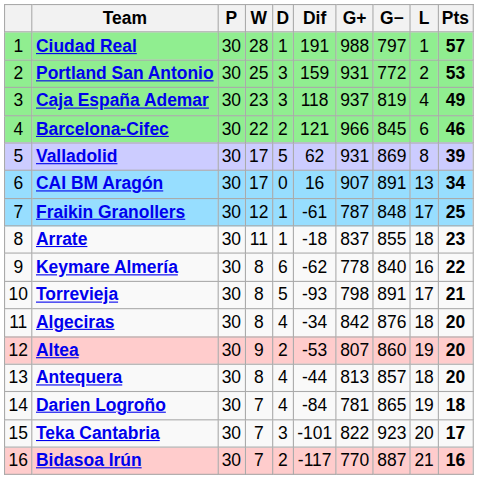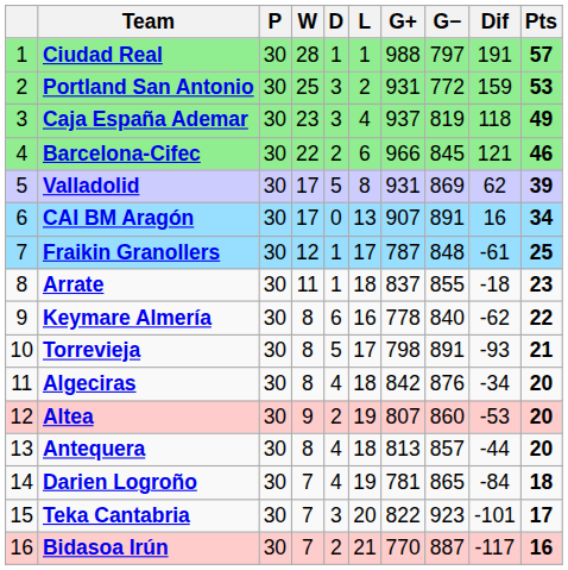 <table class="wikitable sortable" style="text-align: center;">
 <tr>
 <th align="center"></th>
 <th align="center">Team</th>
 <th align="center">P</th>
 <th align="center">W</th>
 <th align="center">D</th>
-<th align="center">Dif</th>
+<th align="center">L</th>
 <th align="center">G+</th>
 <th align="center">G−</th>
-<th align="center">L</th>
+<th align="center">Dif</th>
 <th align="center">Pts</th>
 </tr>
 <tr style="background: #90EE90;">
 <td>1</td>
 <td align="left"><strong><a href='#'>Ciudad Real</a></strong></td>
 <td>30</td>
 <td>28</td>
 <td>1</td>
-<td>191</td>
+<td>1</td>
 <td>988</td>
 <td>797</td>
-<td>1</td>
+<td>191</td>
 <td><strong>57</strong></td>
 </tr>
 <tr style="background: #90EE90;">
 <td>2</td>
 <td align="left"><strong><a href='#'>Portland San Antonio</a></strong></td>
 <td>30</td>
 <td>25</td>
 <td>3</td>
-<td>159</td>
+<td>2</td>
 <td>931</td>
 <td>772</td>
-<td>2</td>
+<td>159</td>
 <td><strong>53</strong></td>
 </tr>
 <tr style="background: #90EE90;">
 <td>3</td>
 <td align="left"><strong><a href='#'>Caja España Ademar</a></strong></td>
 <td>30</td>
 <td>23</td>
 <td>3</td>
-<td>118</td>
+<td>4</td>
 <td>937</td>
 <td>819</td>
-<td>4</td>
+<td>118</td>
 <td><strong>49</strong></td>
 </tr>
 <tr style="background: #90EE90;">
 <td>4</td>
 <td align="left"><strong><a href='#'>Barcelona-Cifec</a></strong></td>
 <td>30</td>
 <td>22</td>
 <td>2</td>
-<td>121</td>
+<td>6</td>
 <td>966</td>
 <td>845</td>
-<td>6</td>
+<td>121</td>
 <td><strong>46</strong></td>
 </tr>
 <tr style="background: #ccccff;">
 <td>5</td>
 <td align="left"><strong><a href='#'>Valladolid</a></strong></td>
 <td>30</td>
 <td>17</td>
 <td>5</td>
-<td>62</td>
+<td>8</td>
 <td>931</td>
 <td>869</td>
-<td>8</td>
+<td>62</td>
 <td><strong>39</strong></td>
 </tr>
 <tr style="background: #97DEFF;">
 <td>6</td>
 <td align="left"><strong><a href='#'>CAI BM Aragón</a></strong></td>
 <td>30</td>
 <td>17</td>
 <td>0</td>
-<td>16</td>
+<td>13</td>
 <td>907</td>
 <td>891</td>
-<td>13</td>
+<td>16</td>
 <td><strong>34</strong></td>
 </tr>
 <tr style="background: #97DEFF;">
 <td>7</td>
 <td align="left"><strong><a href='#'>Fraikin Granollers</a></strong></td>
 <td>30</td>
 <td>12</td>
 <td>1</td>
-<td>-61</td>
+<td>17</td>
 <td>787</td>
 <td>848</td>
-<td>17</td>
+<td>-61</td>
 <td><strong>25</strong></td>
 </tr>
 <tr style="background:">
 <td>8</td>
 <td align="left"><strong><a href='#'>Arrate</a></strong></td>
 <td>30</td>
 <td>11</td>
 <td>1</td>
-<td>-18</td>
+<td>18</td>
 <td>837</td>
 <td>855</td>
-<td>18</td>
+<td>-18</td>
 <td><strong>23</strong></td>
 </tr>
 <tr style="background:">
 <td>9</td>
 <td align="left"><strong><a href='#'>Keymare Almería</a></strong></td>
 <td>30</td>
 <td>8</td>
 <td>6</td>
-<td>-62</td>
+<td>16</td>
 <td>778</td>
 <td>840</td>
-<td>16</td>
+<td>-62</td>
 <td><strong>22</strong></td>
 </tr>
 <tr style="background:">
 <td>10</td>
 <td align="left"><strong><a href='#'>Torrevieja</a></strong></td>
 <td>30</td>
 <td>8</td>
 <td>5</td>
-<td>-93</td>
+<td>17</td>
 <td>798</td>
 <td>891</td>
-<td>17</td>
+<td>-93</td>
 <td><strong>21</strong></td>
 </tr>
 <tr style="background:">
 <td>11</td>
 <td align="left"><strong><a href='#'>Algeciras</a></strong></td>
 <td>30</td>
 <td>8</td>
 <td>4</td>
-<td>-34</td>
+<td>18</td>
 <td>842</td>
 <td>876</td>
-<td>18</td>
+<td>-34</td>
 <td><strong>20</strong></td>
 </tr>
 <tr style="background: #FFCCCC;">
 <td>12</td>
 <td align="left"><strong><a href='#'>Altea</a></strong></td>
 <td>30</td>
 <td>9</td>
 <td>2</td>
-<td>-53</td>
+<td>19</td>
 <td>807</td>
 <td>860</td>
-<td>19</td>
+<td>-53</td>
 <td><strong>20</strong></td>
 </tr>
 <tr style="background:">
 <td>13</td>
 <td align="left"><strong><a href='#'>Antequera</a></strong></td>
 <td>30</td>
 <td>8</td>
 <td>4</td>
-<td>-44</td>
+<td>18</td>
 <td>813</td>
 <td>857</td>
-<td>18</td>
+<td>-44</td>
 <td><strong>20</strong></td>
 </tr>
 <tr style="background:">
 <td>14</td>
 <td align="left"><strong><a href='#'>Darien Logroño</a></strong></td>
 <td>30</td>
 <td>7</td>
 <td>4</td>
-<td>-84</td>
+<td>19</td>
 <td>781</td>
 <td>865</td>
-<td>19</td>
+<td>-84</td>
 <td><strong>18</strong></td>
 </tr>
 <tr style="background:">
 <td>15</td>
 <td align="left"><strong><a href='#'>Teka Cantabria</a></strong></td>
 <td>30</td>
 <td>7</td>
 <td>3</td>
-<td>-101</td>
+<td>20</td>
 <td>822</td>
 <td>923</td>
-<td>20</td>
+<td>-101</td>
 <td><strong>17</strong></td>
 </tr>
 <tr style="background: #FFCCCC;">
 <td>16</td>
 <td align="left"><strong><a href='#'>Bidasoa Irún</a></strong></td>
 <td>30</td>
 <td>7</td>
 <td>2</td>
-<td>-117</td>
+<td>21</td>
 <td>770</td>
 <td>887</td>
-<td>21</td>
+<td>-117</td>
 <td><strong>16</strong></td>
 </tr>
 </table>
